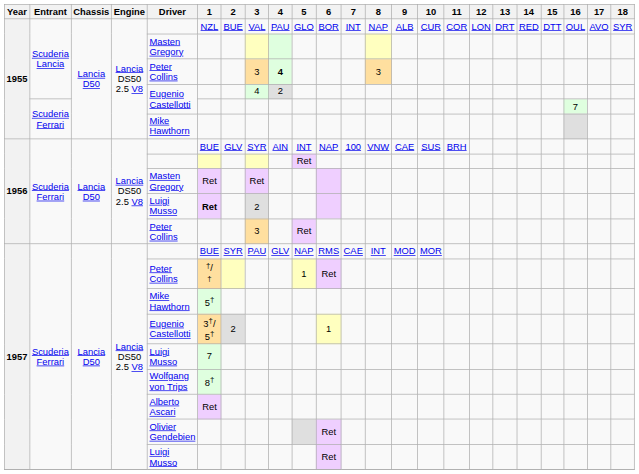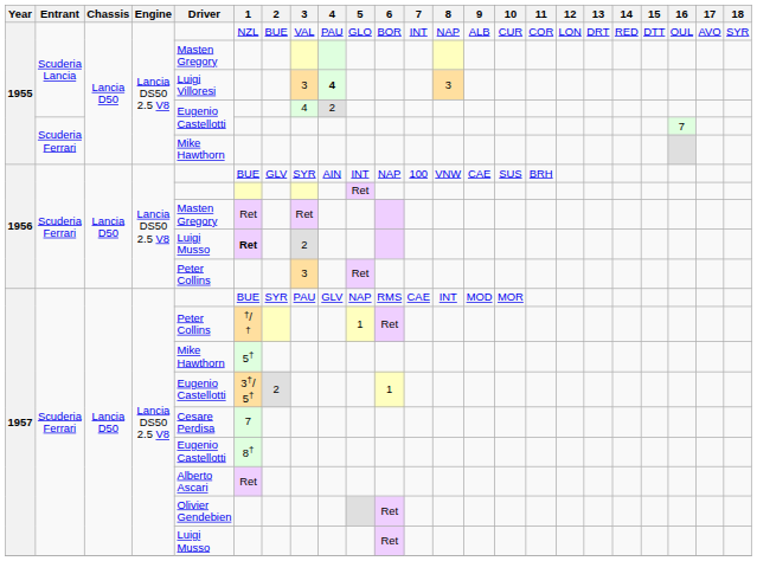 <table class="wikitable" style="text-align:center; font-size:85%">
 <tr>
 <th>Year</th>
 <th>Entrant</th>
 <th>Chassis</th>
 <th>Engine</th>
 <th>Driver</th>
 <th>1</th>
 <th>2</th>
 <th>3</th>
 <th>4</th>
 <th>5</th>
 <th>6</th>
 <th>7</th>
 <th>8</th>
 <th>9</th>
 <th>10</th>
 <th>11</th>
 <th>12</th>
 <th>13</th>
 <th>14</th>
 <th>15</th>
 <th>16</th>
 <th>17</th>
 <th>18</th>
 </tr>
 <tr>
 <th rowspan="6">1955</th>
 <td rowspan="4"><a href='#'>Scuderia Lancia</a></td>
 <td rowspan="6"><a href='#'>Lancia</a> <a href='#'>D50</a></td>
 <td rowspan="6"><a href='#'>Lancia</a> DS50 2.5 <a href='#'>V8</a></td>
 <td></td>
 <td><a href='#'>NZL</a></td>
 <td><a href='#'>BUE</a></td>
 <td><a href='#'>VAL</a></td>
 <td><a href='#'>PAU</a></td>
 <td><a href='#'>GLO</a></td>
 <td><a href='#'>BOR</a></td>
 <td><a href='#'>INT</a></td>
 <td><a href='#'>NAP</a></td>
 <td><a href='#'>ALB</a></td>
 <td><a href='#'>CUR</a></td>
 <td><a href='#'>COR</a></td>
 <td><a href='#'>LON</a></td>
 <td><a href='#'>DRT</a></td>
 <td><a href='#'>RED</a></td>
 <td><a href='#'>DTT</a></td>
 <td><a href='#'>OUL</a></td>
 <td><a href='#'>AVO</a></td>
 <td><a href='#'>SYR</a></td>
 </tr>
 <tr>
 <td align="left"> <a href='#'>Masten Gregory</a></td>
 <td></td>
 <td></td>
 <td style="background:#FFFFBF;"></td>
 <td style="background:#DFFFDF;"></td>
 <td></td>
 <td></td>
 <td></td>
 <td style="background:#FFFFBF;"></td>
 <td></td>
 <td></td>
 <td></td>
 <td></td>
 <td></td>
 <td></td>
 <td></td>
 <td></td>
 <td></td>
 <td></td>
 </tr>
 <tr>
-<td align="left"> <a href='#'>Peter Collins</a></td>
+<td align="left"> <a href='#'>Luigi Villoresi</a></td>
 <td></td>
 <td></td>
 <td style="background:#FFDF9F;">3</td>
 <td style="background:#DFFFDF;"><strong>4</strong></td>
 <td></td>
 <td></td>
 <td></td>
 <td style="background:#FFDF9F;">3</td>
 <td></td>
 <td></td>
 <td></td>
 <td></td>
 <td></td>
 <td></td>
 <td></td>
 <td></td>
 <td></td>
 <td></td>
 </tr>
 <tr>
 <td rowspan="2" align="left"> <a href='#'>Eugenio Castellotti</a></td>
 <td></td>
 <td></td>
 <td style="background:#DFFFDF;">4</td>
 <td style="background:#DFDFDF;">2</td>
 <td></td>
 <td></td>
 <td></td>
 <td></td>
 <td></td>
 <td></td>
 <td></td>
 <td></td>
 <td></td>
 <td></td>
 <td></td>
 <td></td>
 <td></td>
 <td></td>
 </tr>
 <tr>
 <td rowspan="2"><a href='#'>Scuderia Ferrari</a></td>
 <td></td>
 <td></td>
 <td></td>
 <td></td>
 <td></td>
 <td></td>
 <td></td>
 <td></td>
 <td></td>
 <td></td>
 <td></td>
 <td></td>
 <td></td>
 <td></td>
 <td></td>
 <td style="background:#DFFFDF;">7</td>
 <td></td>
 <td></td>
 </tr>
 <tr>
 <td align="left"> <a href='#'>Mike Hawthorn</a></td>
 <td></td>
 <td></td>
 <td></td>
 <td></td>
 <td></td>
 <td></td>
 <td></td>
 <td></td>
 <td></td>
 <td></td>
 <td></td>
 <td></td>
 <td></td>
 <td></td>
 <td></td>
 <td style="background:#DFDFDF;"></td>
 <td></td>
 <td></td>
 </tr>
 <tr>
 <th rowspan="5">1956</th>
 <td rowspan="5"><a href='#'>Scuderia Ferrari</a></td>
 <td rowspan="5"><a href='#'>Lancia</a> <a href='#'>D50</a></td>
 <td rowspan="5"><a href='#'>Lancia</a> DS50 2.5 <a href='#'>V8</a></td>
 <td></td>
 <td><a href='#'>BUE</a></td>
 <td><a href='#'>GLV</a></td>
 <td><a href='#'>SYR</a></td>
 <td><a href='#'>AIN</a></td>
 <td><a href='#'>INT</a></td>
 <td><a href='#'>NAP</a></td>
 <td><a href='#'>100</a></td>
 <td><a href='#'>VNW</a></td>
 <td><a href='#'>CAE</a></td>
 <td><a href='#'>SUS</a></td>
 <td><a href='#'>BRH</a></td>
 <td></td>
 <td></td>
 <td></td>
 <td></td>
 <td></td>
 <td></td>
 <td></td>
 </tr>
 <tr>
 <td align="left"></td>
 <td style="background:#FFFFBF;"></td>
 <td></td>
 <td style="background:#FFFFBF;"></td>
 <td></td>
 <td style="background:#EFCFFF;">Ret</td>
 <td></td>
 <td></td>
 <td></td>
 <td></td>
 <td></td>
 <td></td>
 <td></td>
 <td></td>
 <td></td>
 <td></td>
 <td></td>
 <td></td>
 <td></td>
 </tr>
 <tr>
 <td align="left"> <a href='#'>Masten Gregory</a></td>
 <td style="background:#EFCFFF;">Ret</td>
 <td></td>
 <td style="background:#EFCFFF;">Ret</td>
 <td></td>
 <td></td>
 <td style="background:#EFCFFF;"></td>
 <td></td>
 <td></td>
 <td></td>
 <td></td>
 <td></td>
 <td></td>
 <td></td>
 <td></td>
 <td></td>
 <td></td>
 <td></td>
 <td></td>
 </tr>
 <tr>
 <td align="left"> <a href='#'>Luigi Musso</a></td>
 <td style="background:#EFCFFF;"><strong>Ret</strong></td>
 <td></td>
 <td style="background:#DFDFDF;">2</td>
 <td></td>
 <td></td>
 <td style="background:#EFCFFF;"></td>
 <td></td>
 <td></td>
 <td></td>
 <td></td>
 <td></td>
 <td></td>
 <td></td>
 <td></td>
 <td></td>
 <td></td>
 <td></td>
 <td></td>
 </tr>
 <tr>
 <td align="left"> <a href='#'>Peter Collins</a></td>
 <td></td>
 <td></td>
 <td style="background:#FFDF9F;">3</td>
 <td></td>
 <td style="background:#EFCFFF;">Ret</td>
 <td></td>
 <td></td>
 <td></td>
 <td></td>
 <td></td>
 <td></td>
 <td></td>
 <td></td>
 <td></td>
 <td></td>
 <td></td>
 <td></td>
 <td></td>
 </tr>
 <tr>
 <th rowspan="9">1957</th>
 <td rowspan="9"><a href='#'>Scuderia Ferrari</a></td>
 <td rowspan="9"><a href='#'>Lancia</a> <a href='#'>D50</a></td>
 <td rowspan="9"><a href='#'>Lancia</a> DS50 2.5 <a href='#'>V8</a></td>
 <td></td>
 <td><a href='#'>BUE</a></td>
 <td><a href='#'>SYR</a></td>
 <td><a href='#'>PAU</a></td>
 <td><a href='#'>GLV</a></td>
 <td><a href='#'>NAP</a></td>
 <td><a href='#'>RMS</a></td>
 <td><a href='#'>CAE</a></td>
 <td><a href='#'>INT</a></td>
 <td><a href='#'>MOD</a></td>
 <td><a href='#'>MOR</a></td>
 <td></td>
 <td></td>
 <td></td>
 <td></td>
 <td></td>
 <td></td>
 <td></td>
 <td></td>
 </tr>
 <tr>
 <td align="left"> <a href='#'>Peter Collins</a></td>
 <td style="background:#FFDF9F;"><sup>†</sup>/<br><sup>†</sup></td>
 <td style="background:#FFFFBF;"></td>
 <td></td>
 <td></td>
 <td style="background:#FFFFBF;">1</td>
 <td style="background:#EFCFFF;">Ret</td>
 <td></td>
 <td></td>
 <td></td>
 <td></td>
 <td></td>
 <td></td>
 <td></td>
 <td></td>
 <td></td>
 <td></td>
 <td></td>
 <td></td>
 </tr>
 <tr>
 <td align="left"> <a href='#'>Mike Hawthorn</a></td>
 <td style="background:#DFFFDF;">5<sup>†</sup></td>
 <td></td>
 <td></td>
 <td></td>
 <td></td>
 <td></td>
 <td></td>
 <td></td>
 <td></td>
 <td></td>
 <td></td>
 <td></td>
 <td></td>
 <td></td>
 <td></td>
 <td></td>
 <td></td>
 <td></td>
 </tr>
 <tr>
 <td align="left"> <a href='#'>Eugenio Castellotti</a></td>
 <td style="background:#FFDF9F;">3<sup>†</sup>/<br>5<sup>†</sup></td>
 <td style="background:#DFDFDF;">2</td>
 <td></td>
 <td></td>
 <td></td>
 <td style="background:#FFFFBF;">1</td>
 <td></td>
 <td></td>
 <td></td>
 <td></td>
 <td></td>
 <td></td>
 <td></td>
 <td></td>
 <td></td>
 <td></td>
 <td></td>
 <td></td>
 </tr>
 <tr>
-<td align="left"> <a href='#'>Luigi Musso</a></td>
+<td align="left"> <a href='#'>Cesare Perdisa</a></td>
 <td style="background:#DFFFDF;">7</td>
 <td></td>
 <td></td>
 <td></td>
 <td></td>
 <td></td>
 <td></td>
 <td></td>
 <td></td>
 <td></td>
 <td></td>
 <td></td>
 <td></td>
 <td></td>
 <td></td>
 <td></td>
 <td></td>
 <td></td>
 </tr>
 <tr>
-<td align="left"> <a href='#'>Wolfgang von Trips</a></td>
+<td align="left"> <a href='#'>Eugenio Castellotti</a></td>
 <td style="background:#DFFFDF;">8<sup>†</sup></td>
 <td></td>
 <td></td>
 <td></td>
 <td></td>
 <td></td>
 <td></td>
 <td></td>
 <td></td>
 <td></td>
 <td></td>
 <td></td>
 <td></td>
 <td></td>
 <td></td>
 <td></td>
 <td></td>
 <td></td>
 </tr>
 <tr>
 <td align="left"> <a href='#'>Alberto Ascari</a></td>
 <td style="background:#EFCFFF;">Ret</td>
 <td></td>
 <td></td>
 <td></td>
 <td></td>
 <td></td>
 <td></td>
 <td></td>
 <td></td>
 <td></td>
 <td></td>
 <td></td>
 <td></td>
 <td></td>
 <td></td>
 <td></td>
 <td></td>
 <td></td>
 </tr>
 <tr>
 <td align="left"> <a href='#'>Olivier Gendebien</a></td>
 <td></td>
 <td></td>
 <td></td>
 <td></td>
 <td style="background:#DFDFDF;"></td>
 <td style="background:#EFCFFF;">Ret</td>
 <td></td>
 <td></td>
 <td></td>
 <td></td>
 <td></td>
 <td></td>
 <td></td>
 <td></td>
 <td></td>
 <td></td>
 <td></td>
 <td></td>
 </tr>
 <tr>
 <td align="left"> <a href='#'>Luigi Musso</a></td>
 <td></td>
 <td></td>
 <td></td>
 <td></td>
 <td></td>
 <td style="background:#EFCFFF;">Ret</td>
 <td></td>
 <td></td>
 <td></td>
 <td></td>
 <td></td>
 <td></td>
 <td></td>
 <td></td>
 <td></td>
 <td></td>
 <td></td>
 <td></td>
 </tr>
 <tr>
 </tr>
 </table>
